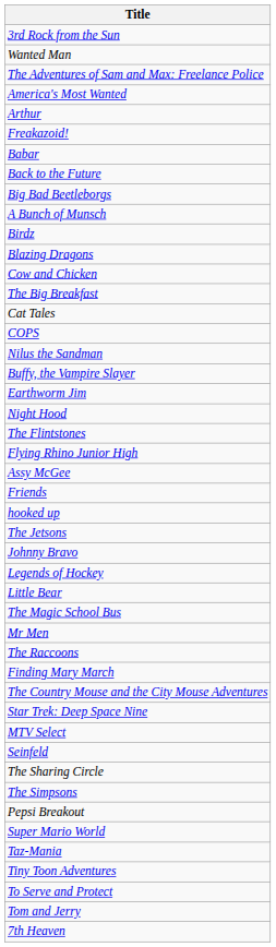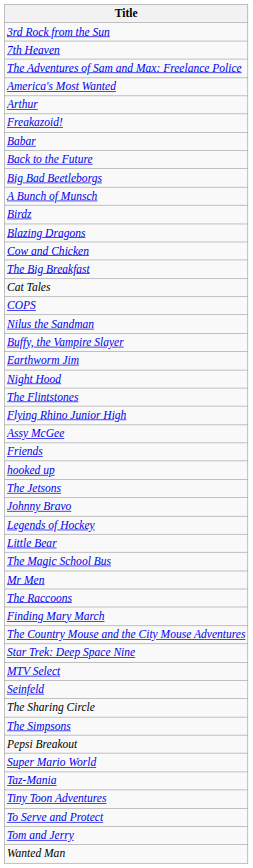 <table class="wikitable">
 <tr>
 <th>Title</th>
 </tr>
 <tr>
 <td><em><a href='#'>3rd Rock from the Sun</a></em></td>
 </tr>
 <tr>
-<td><em>Wanted Man</em></td>
+<td><em><a href='#'>7th Heaven</a></em></td>
 </tr>
 <tr>
 <td><em><a href='#'>The Adventures of Sam and Max: Freelance Police</a></em></td>
 </tr>
 <tr>
 <td><em><a href='#'>America's Most Wanted</a></em></td>
 </tr>
 <tr>
 <td><em><a href='#'>Arthur</a></em></td>
 </tr>
 <tr>
 <td><em><a href='#'>Freakazoid!</a></em></td>
 </tr>
 <tr>
 <td><em><a href='#'>Babar</a></em></td>
 </tr>
 <tr>
 <td><em><a href='#'>Back to the Future</a></em></td>
 </tr>
 <tr>
 <td><em><a href='#'>Big Bad Beetleborgs</a></em></td>
 </tr>
 <tr>
 <td><em><a href='#'>A Bunch of Munsch</a></em></td>
 </tr>
 <tr>
 <td><em><a href='#'>Birdz</a></em></td>
 </tr>
 <tr>
 <td><em><a href='#'>Blazing Dragons</a></em></td>
 </tr>
 <tr>
 <td><em><a href='#'>Cow and Chicken</a></em></td>
 </tr>
 <tr>
 <td><em><a href='#'>The Big Breakfast</a></em></td>
 </tr>
 <tr>
 <td><em>Cat Tales</em></td>
 </tr>
 <tr>
 <td><em><a href='#'>COPS</a></em></td>
 </tr>
 <tr>
 <td><em><a href='#'>Nilus the Sandman</a></em></td>
 </tr>
 <tr>
 <td><em><a href='#'>Buffy, the Vampire Slayer</a></em></td>
 </tr>
 <tr>
 <td><em><a href='#'>Earthworm Jim</a></em></td>
 </tr>
 <tr>
 <td><em><a href='#'>Night Hood</a></em></td>
 </tr>
 <tr>
 <td><em><a href='#'>The Flintstones</a></em></td>
 </tr>
 <tr>
 <td><em><a href='#'>Flying Rhino Junior High</a></em></td>
 </tr>
 <tr>
 <td><em><a href='#'>Assy McGee</a></em></td>
 </tr>
 <tr>
 <td><em><a href='#'>Friends</a></em></td>
 </tr>
 <tr>
 <td><em><a href='#'>hooked up</a></em></td>
 </tr>
 <tr>
 <td><em><a href='#'>The Jetsons</a></em></td>
 </tr>
 <tr>
 <td><em><a href='#'>Johnny Bravo</a></em></td>
 </tr>
 <tr>
 <td><em><a href='#'>Legends of Hockey</a></em></td>
 </tr>
 <tr>
 <td><em><a href='#'>Little Bear</a></em></td>
 </tr>
 <tr>
 <td><em><a href='#'>The Magic School Bus</a></em></td>
 </tr>
 <tr>
 <td><em><a href='#'>Mr Men</a></em></td>
 </tr>
 <tr>
 <td><em><a href='#'>The Raccoons</a></em></td>
 </tr>
 <tr>
 <td><em><a href='#'>Finding Mary March</a></em></td>
 </tr>
 <tr>
 <td><em><a href='#'>The Country Mouse and the City Mouse Adventures</a></em></td>
 </tr>
 <tr>
 <td><em><a href='#'>Star Trek: Deep Space Nine</a></em></td>
 </tr>
 <tr>
 <td><em><a href='#'>MTV Select</a></em></td>
 </tr>
 <tr>
 <td><em><a href='#'>Seinfeld</a></em></td>
 </tr>
 <tr>
 <td><em>The Sharing Circle</em></td>
 </tr>
 <tr>
 <td><em><a href='#'>The Simpsons</a></em></td>
 </tr>
 <tr>
 <td><em>Pepsi Breakout</em></td>
 </tr>
 <tr>
 <td><em><a href='#'>Super Mario World</a></em></td>
 </tr>
 <tr>
 <td><em><a href='#'>Taz-Mania</a></em></td>
 </tr>
 <tr>
 <td><em><a href='#'>Tiny Toon Adventures</a></em></td>
 </tr>
 <tr>
 <td><em><a href='#'>To Serve and Protect</a></em></td>
 </tr>
 <tr>
 <td><em><a href='#'>Tom and Jerry</a></em></td>
 </tr>
 <tr>
-<td><em><a href='#'>7th Heaven</a></em></td>
+<td><em>Wanted Man</em></td>
 </tr>
 </table>
